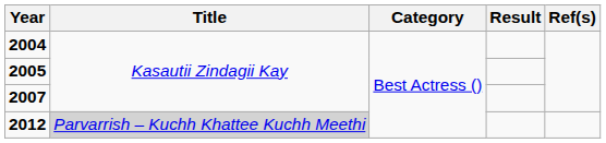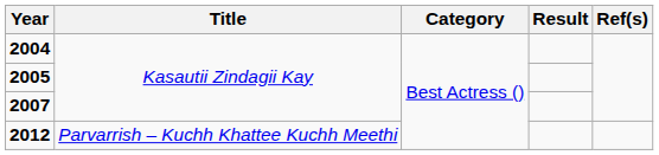 <table class= "wikitable" style="text-align:center;">
 <tr>
 <th>Year</th>
 <th>Title</th>
 <th>Category</th>
 <th>Result</th>
 <th>Ref(s)</th>
 </tr>
 <tr>
 <td><strong>2004</strong></td>
 <td rowspan="3"><em><a href='#'>Kasautii Zindagii Kay</a></em></td>
 <td rowspan="4"><a href='#'>Best Actress ()</a></td>
 <td></td>
 <td rowspan="3"></td>
 </tr>
 <tr>
 <td><strong>2005</strong></td>
 <td></td>
 </tr>
 <tr>
 <td><strong>2007</strong></td>
 <td></td>
 </tr>
 <tr>
 <td><strong>2012</strong></td>
-<td style="background: lightgrey;"><em><a href='#'>Parvarrish – Kuchh Khattee Kuchh Meethi</a></em></td>
+<td><em><a href='#'>Parvarrish – Kuchh Khattee Kuchh Meethi</a></em></td>
 <td></td>
 <td></td>
 </tr>
 </table>
